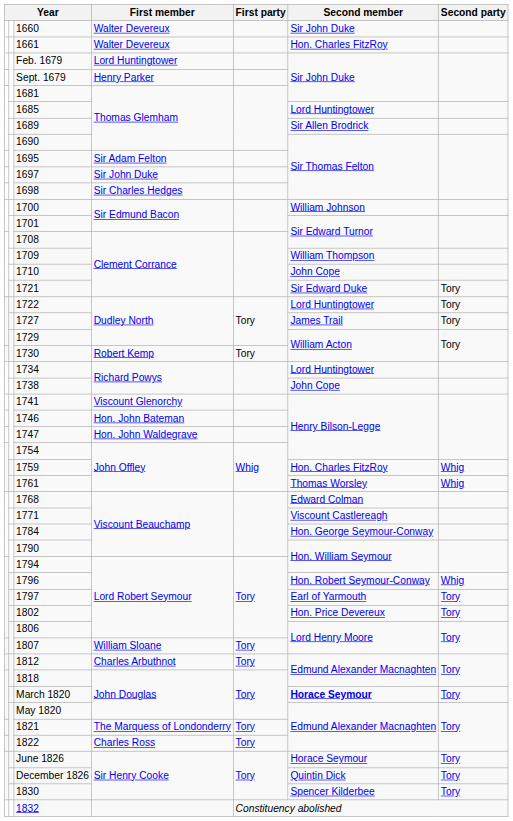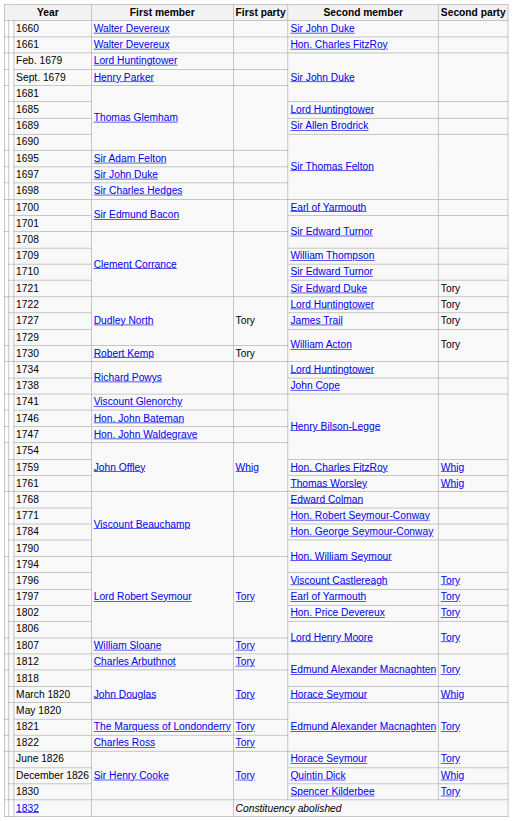 <table class="wikitable">
 <tr>
 <th colspan="3">Year</th>
 <th>First member</th>
 <th>First party</th>
 <th>Second member</th>
 <th>Second party</th>
 </tr>
 <tr>
 <td style="color:inherit;background-color: white"></td>
 <td style="color:inherit;background-color: white"></td>
 <td>1660</td>
 <td><a href='#'>Walter Devereux</a></td>
 <td></td>
 <td><a href='#'>Sir John Duke</a></td>
 <td></td>
 </tr>
 <tr>
 <td style="color:inherit;background-color: white"></td>
 <td style="color:inherit;background-color: white"></td>
 <td>1661</td>
 <td><a href='#'>Walter Devereux</a></td>
 <td></td>
 <td><a href='#'>Hon. Charles FitzRoy</a></td>
 <td></td>
 </tr>
 <tr>
 <td style="color:inherit;background-color: white"></td>
 <td rowspan="3" style="color:inherit;background-color: white"></td>
 <td>Feb. 1679</td>
 <td><a href='#'>Lord Huntingtower</a></td>
 <td></td>
 <td rowspan="3"><a href='#'>Sir John Duke</a></td>
 <td rowspan="3"></td>
 </tr>
 <tr>
 <td style="color:inherit;background-color: white"></td>
 <td>Sept. 1679</td>
 <td><a href='#'>Henry Parker</a></td>
 <td></td>
 </tr>
 <tr>
 <td rowspan="4" style="color:inherit;background-color: white"></td>
 <td>1681</td>
 <td rowspan="4"><a href='#'>Thomas Glemham</a></td>
 <td rowspan="4"></td>
 </tr>
 <tr>
 <td style="color:inherit;background-color: white"></td>
 <td>1685</td>
 <td><a href='#'>Lord Huntingtower</a></td>
 <td></td>
 </tr>
 <tr>
 <td style="color:inherit;background-color: white"></td>
 <td>1689</td>
 <td><a href='#'>Sir Allen Brodrick</a></td>
 <td></td>
 </tr>
 <tr>
 <td rowspan="4" style="color:inherit;background-color: white"></td>
 <td>1690</td>
 <td rowspan="4"><a href='#'>Sir Thomas Felton</a></td>
 <td rowspan="4"></td>
 </tr>
 <tr>
 <td style="color:inherit;background-color: white"></td>
 <td>1695</td>
 <td><a href='#'>Sir Adam Felton</a></td>
 <td></td>
 </tr>
 <tr>
 <td style="color:inherit;background-color: white"></td>
 <td>1697</td>
 <td><a href='#'>Sir John Duke</a></td>
 <td></td>
 </tr>
 <tr>
 <td style="color:inherit;background-color: white"></td>
 <td>1698</td>
 <td><a href='#'>Sir Charles Hedges</a></td>
 <td></td>
 </tr>
 <tr>
 <td rowspan="2" style="color:inherit;background-color: white"></td>
 <td style="color:inherit;background-color: white"></td>
 <td>1700</td>
 <td rowspan="2"><a href='#'>Sir Edmund Bacon</a></td>
 <td rowspan="2"></td>
-<td><a href='#'>William Johnson</a></td>
+<td><a href='#'>Earl of Yarmouth</a></td>
 <td></td>
 </tr>
 <tr>
 <td rowspan="2" style="color:inherit;background-color: white"></td>
 <td>1701</td>
 <td rowspan="2"><a href='#'>Sir Edward Turnor</a></td>
 <td rowspan="2"></td>
 </tr>
 <tr>
 <td rowspan="4" style="color:inherit;background-color: white"></td>
 <td>1708</td>
 <td rowspan="4"><a href='#'>Clement Corrance</a></td>
 <td rowspan="4"></td>
 </tr>
 <tr>
 <td style="color:inherit;background-color: white"></td>
 <td>1709</td>
 <td><a href='#'>William Thompson</a></td>
 <td></td>
 </tr>
 <tr>
 <td style="color:inherit;background-color: white"></td>
 <td>1710</td>
-<td><a href='#'>John Cope</a></td>
+<td><a href='#'>Sir Edward Turnor</a></td>
 <td></td>
 </tr>
 <tr>
 <td style="color:inherit;background-color: "></td>
 <td>1721</td>
 <td><a href='#'>Sir Edward Duke</a></td>
 <td>Tory</td>
 </tr>
 <tr>
 <td rowspan="3" style="color:inherit;background-color: "></td>
 <td style="color:inherit;background-color: "></td>
 <td>1722</td>
 <td rowspan="3"><a href='#'>Dudley North</a></td>
 <td rowspan="3">Tory</td>
 <td><a href='#'>Lord Huntingtower</a></td>
 <td>Tory</td>
 </tr>
 <tr>
 <td style="color:inherit;background-color: "></td>
 <td>1727</td>
 <td><a href='#'>James Trail</a></td>
 <td>Tory</td>
 </tr>
 <tr>
 <td rowspan="2" style="color:inherit;background-color: "></td>
 <td>1729</td>
 <td rowspan="2"><a href='#'>William Acton</a></td>
 <td rowspan="2">Tory</td>
 </tr>
 <tr>
 <td style="color:inherit;background-color: "></td>
 <td>1730</td>
 <td><a href='#'>Robert Kemp</a></td>
 <td>Tory</td>
 </tr>
 <tr>
 <td rowspan="2" style="color:inherit;background-color: white"></td>
 <td style="color:inherit;background-color: white"></td>
 <td>1734</td>
 <td rowspan="2"><a href='#'>Richard Powys</a></td>
 <td rowspan="2"></td>
 <td><a href='#'>Lord Huntingtower</a></td>
 <td></td>
 </tr>
 <tr>
 <td style="color:inherit;background-color: white"></td>
 <td>1738</td>
 <td><a href='#'>John Cope</a></td>
 <td></td>
 </tr>
 <tr>
 <td style="color:inherit;background-color: white"></td>
 <td rowspan="4" style="color:inherit;background-color: white"></td>
 <td>1741</td>
 <td><a href='#'>Viscount Glenorchy</a></td>
 <td></td>
 <td rowspan="4"><a href='#'>Henry Bilson-Legge</a></td>
 <td rowspan="4"></td>
 </tr>
 <tr>
 <td style="color:inherit;background-color: white"></td>
 <td>1746</td>
 <td><a href='#'>Hon. John Bateman</a></td>
 <td></td>
 </tr>
 <tr>
 <td style="color:inherit;background-color: white"></td>
 <td>1747</td>
 <td><a href='#'>Hon. John Waldegrave</a></td>
 <td></td>
 </tr>
 <tr>
 <td rowspan="3" style="color:inherit;background-color: "></td>
 <td>1754</td>
 <td rowspan="3"><a href='#'>John Offley</a></td>
 <td rowspan="3"><a href='#'>Whig</a></td>
 </tr>
 <tr>
 <td style="color:inherit;background-color: "></td>
 <td>1759</td>
 <td><a href='#'>Hon. Charles FitzRoy</a></td>
 <td><a href='#'>Whig</a></td>
 </tr>
 <tr>
 <td style="color:inherit;background-color: "></td>
 <td>1761</td>
 <td><a href='#'>Thomas Worsley</a></td>
 <td><a href='#'>Whig</a></td>
 </tr>
 <tr>
 <td rowspan="4" style="color:inherit;background-color: white"></td>
 <td style="color:inherit;background-color: white"></td>
 <td>1768</td>
 <td rowspan="4"><a href='#'>Viscount Beauchamp</a></td>
 <td rowspan="4"></td>
 <td><a href='#'>Edward Colman</a></td>
 <td></td>
 </tr>
 <tr>
 <td style="color:inherit;background-color: white"></td>
 <td>1771</td>
-<td><a href='#'>Viscount Castlereagh</a></td>
+<td><a href='#'>Hon. Robert Seymour-Conway</a></td>
 <td></td>
 </tr>
 <tr>
 <td style="color:inherit;background-color: white"></td>
 <td>1784</td>
 <td><a href='#'>Hon. George Seymour-Conway</a></td>
 <td></td>
 </tr>
 <tr>
 <td rowspan="2" style="color:inherit;background-color: white"></td>
 <td>1790</td>
 <td rowspan="2"><a href='#'>Hon. William Seymour</a></td>
 <td rowspan="2"></td>
 </tr>
 <tr>
 <td rowspan="5" style="color:inherit;background-color: "></td>
 <td>1794</td>
 <td rowspan="5"><a href='#'>Lord Robert Seymour</a></td>
 <td rowspan="5"><a href='#'>Tory</a></td>
 </tr>
 <tr>
 <td style="color:inherit;background-color: "></td>
 <td>1796</td>
-<td><a href='#'>Hon. Robert Seymour-Conway</a></td>
-<td><a href='#'>Whig</a></td>
+<td><a href='#'>Viscount Castlereagh</a></td>
+<td><a href='#'>Tory</a></td>
 </tr>
 <tr>
 <td style="color:inherit;background-color: "></td>
 <td>1797</td>
 <td><a href='#'>Earl of Yarmouth</a></td>
 <td><a href='#'>Tory</a></td>
 </tr>
 <tr>
 <td style="color:inherit;background-color: "></td>
 <td>1802</td>
 <td><a href='#'>Hon. Price Devereux</a></td>
 <td><a href='#'>Tory</a></td>
 </tr>
 <tr>
 <td rowspan="2" style="color:inherit;background-color: "></td>
 <td>1806</td>
 <td rowspan="2"><a href='#'>Lord Henry Moore</a></td>
 <td rowspan="2"><a href='#'>Tory</a></td>
 </tr>
 <tr>
 <td style="color:inherit;background-color: "></td>
 <td>1807</td>
 <td><a href='#'>William Sloane</a></td>
 <td><a href='#'>Tory</a></td>
 </tr>
 <tr>
 <td style="color:inherit;background-color: "></td>
 <td rowspan="2" style="color:inherit;background-color: "></td>
 <td>1812</td>
 <td><a href='#'>Charles Arbuthnot</a></td>
 <td><a href='#'>Tory</a></td>
 <td rowspan="2"><a href='#'>Edmund Alexander Macnaghten</a></td>
 <td rowspan="2"><a href='#'>Tory</a></td>
 </tr>
 <tr>
 <td rowspan="3" style="color:inherit;background-color: "></td>
 <td>1818</td>
 <td rowspan="3"><a href='#'>John Douglas</a></td>
 <td rowspan="3"><a href='#'>Tory</a></td>
 </tr>
 <tr>
 <td style="color:inherit;background-color: "></td>
 <td>March 1820</td>
-<td><strong><a href='#'>Horace Seymour</a></strong></td>
-<td><a href='#'>Tory</a></td>
+<td><a href='#'>Horace Seymour</a></td>
+<td><a href='#'>Whig</a></td>
 </tr>
 <tr>
 <td rowspan="3" style="color:inherit;background-color: "></td>
 <td>May 1820</td>
 <td rowspan="3"><a href='#'>Edmund Alexander Macnaghten</a></td>
 <td rowspan="3"><a href='#'>Tory</a></td>
 </tr>
 <tr>
 <td style="color:inherit;background-color: "></td>
 <td>1821</td>
 <td><a href='#'>The Marquess of Londonderry</a></td>
 <td><a href='#'>Tory</a></td>
 </tr>
 <tr>
 <td style="color:inherit;background-color: "></td>
 <td>1822</td>
 <td><a href='#'>Charles Ross</a></td>
 <td><a href='#'>Tory</a></td>
 </tr>
 <tr>
 <td rowspan="3" style="color:inherit;background-color: "></td>
 <td style="color:inherit;background-color: "></td>
 <td>June 1826</td>
 <td rowspan="3"><a href='#'>Sir Henry Cooke</a></td>
 <td rowspan="3"><a href='#'>Tory</a></td>
 <td><a href='#'>Horace Seymour</a></td>
 <td><a href='#'>Tory</a></td>
 </tr>
 <tr>
 <td style="color:inherit;background-color: "></td>
 <td>December 1826</td>
 <td><a href='#'>Quintin Dick</a></td>
-<td><a href='#'>Tory</a></td>
+<td><a href='#'>Whig</a></td>
 </tr>
 <tr>
 <td style="color:inherit;background-color: "></td>
 <td>1830</td>
 <td><a href='#'>Spencer Kilderbee</a></td>
 <td><a href='#'>Tory</a></td>
 </tr>
 <tr>
 <td style="color:inherit;background-color: white"></td>
 <td style="color:inherit;background-color: white"></td>
 <td><a href='#'>1832</a></td>
 <td></td>
 <td colspan="5"><em>Constituency abolished</em></td>
 </tr>
 </table>
